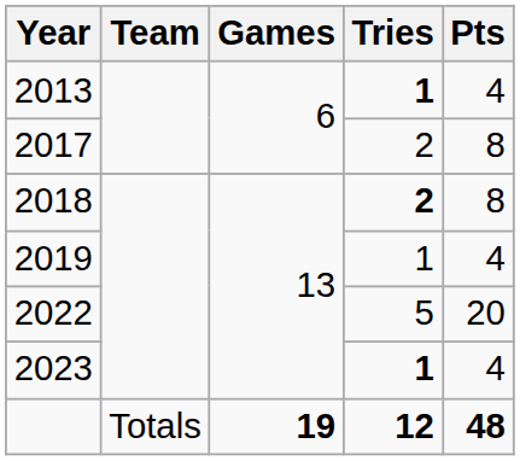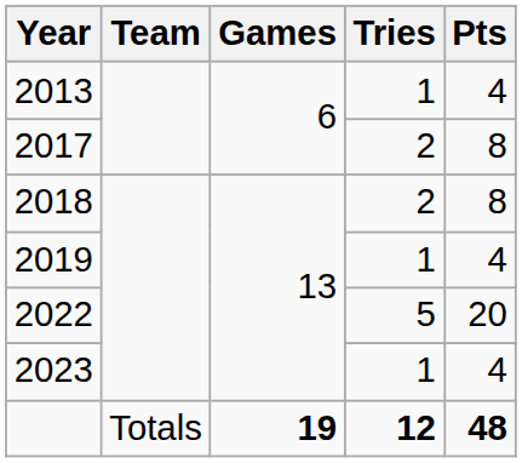 <table class="wikitable">
 <tr>
 <th>Year</th>
 <th>Team</th>
 <th>Games</th>
 <th>Tries</th>
 <th>Pts</th>
 </tr>
 <tr>
 <td>2013</td>
 <td rowspan="2"></td>
 <td rowspan="2" align="right">6</td>
-<td align="right"><strong>1</strong></td>
+<td align="right">1</td>
 <td align="right">4</td>
 </tr>
 <tr>
 <td>2017</td>
 <td align="right">2</td>
 <td align="right">8</td>
 </tr>
 <tr>
 <td>2018</td>
 <td rowspan="4"></td>
 <td rowspan="4" align="right">13</td>
-<td align="right"><strong>2</strong></td>
+<td align="right">2</td>
 <td align="right">8</td>
 </tr>
 <tr>
 <td>2019</td>
 <td align="right">1</td>
 <td align="right">4</td>
 </tr>
 <tr>
 <td>2022</td>
 <td align="right">5</td>
 <td align="right">20</td>
 </tr>
 <tr>
 <td>2023</td>
-<td align="right"><strong>1</strong></td>
+<td align="right">1</td>
 <td align="right">4</td>
 </tr>
 <tr>
 <td></td>
 <td>Totals</td>
 <td align="right"><strong>19</strong></td>
 <td align="right"><strong>12</strong></td>
 <td align="right"><strong>48</strong></td>
 </tr>
 </table>
